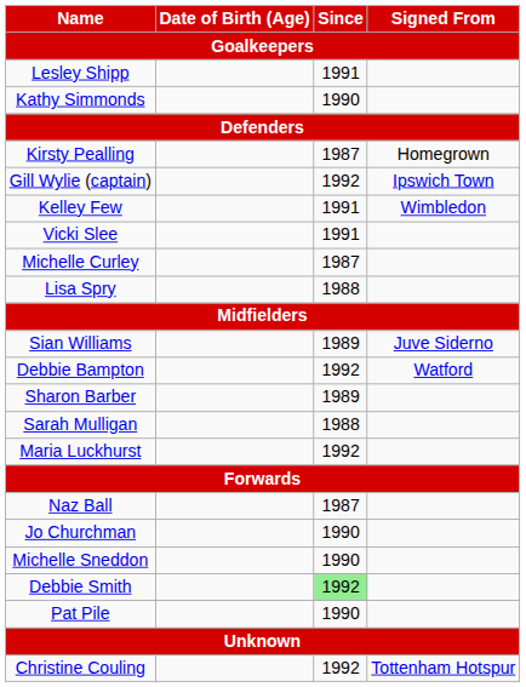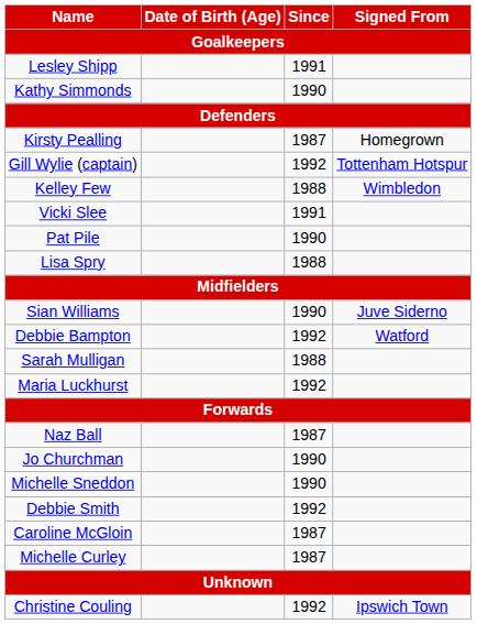 <table class="wikitable" style="text-align:center; font-size:100%; ">
 <tr>
 <th style="background:#d50000; color:white; text-align:center;">Name</th>
 <th style="background:#d50000; color:white; text-align:center;">Date of Birth (Age)</th>
 <th style="background:#d50000; color:white; text-align:center;">Since</th>
 <th style="background:#d50000; color:white; text-align:center;">Signed From</th>
 </tr>
 <tr>
 <th style="background:#d50000; color:white; text-align:center;" colspan="4">Goalkeepers</th>
 </tr>
 <tr>
 <td> <a href='#'>Lesley Shipp</a></td>
 <td></td>
 <td>1991</td>
 <td></td>
 </tr>
 <tr>
 <td><a href='#'>Kathy Simmonds</a></td>
 <td></td>
 <td>1990</td>
 <td></td>
 </tr>
 <tr>
 <th style="background:#d50000; color:white; text-align:center;" colspan="4">Defenders</th>
 </tr>
 <tr>
 <td> <a href='#'>Kirsty Pealling</a></td>
 <td></td>
 <td>1987</td>
 <td>Homegrown</td>
 </tr>
 <tr>
 <td><em></em> <a href='#'>Gill Wylie</a> (<a href='#'>captain</a>)</td>
 <td></td>
 <td>1992</td>
-<td><em></em> <a href='#'>Ipswich Town</a></td>
+<td> <a href='#'>Tottenham Hotspur</a></td>
 </tr>
 <tr>
 <td> <a href='#'>Kelley Few</a></td>
 <td></td>
-<td>1991</td>
+<td>1988</td>
 <td><em></em> <a href='#'>Wimbledon</a></td>
 </tr>
 <tr>
 <td> <a href='#'>Vicki Slee</a></td>
 <td></td>
 <td>1991</td>
 <td></td>
 </tr>
 <tr>
-<td> <a href='#'>Michelle Curley</a></td>
+<td><a href='#'>Pat Pile</a></td>
 <td></td>
-<td>1987</td>
+<td>1990</td>
 <td></td>
 </tr>
 <tr>
 <td> <a href='#'>Lisa Spry</a></td>
 <td></td>
 <td>1988</td>
 <td></td>
 </tr>
 <tr>
 <th style="background:#d50000; color:white; text-align:center;" colspan="4">Midfielders</th>
 </tr>
 <tr>
 <td> <a href='#'>Sian Williams</a></td>
 <td></td>
-<td>1989</td>
+<td>1990</td>
 <td> <a href='#'>Juve Siderno</a></td>
 </tr>
 <tr>
 <td> <a href='#'>Debbie Bampton</a></td>
 <td></td>
 <td>1992</td>
 <td> <a href='#'>Watford</a></td>
-</tr>
-<tr>
-<td> <a href='#'>Sharon Barber</a></td>
-<td></td>
-<td>1989</td>
-<td></td>
 </tr>
 <tr>
 <td> <a href='#'>Sarah Mulligan</a></td>
 <td></td>
 <td>1988</td>
 <td></td>
 </tr>
 <tr>
 <td><a href='#'>Maria Luckhurst</a></td>
 <td></td>
 <td>1992</td>
 <td></td>
 </tr>
 <tr>
 <th style="background:#d50000; color:white; text-align:center;" colspan="4">Forwards</th>
 </tr>
 <tr>
 <td> <a href='#'>Naz Ball</a></td>
 <td></td>
 <td>1987</td>
 <td></td>
 </tr>
 <tr>
 <td> <a href='#'>Jo Churchman</a></td>
 <td></td>
 <td>1990</td>
 <td></td>
 </tr>
 <tr>
 <td> <a href='#'>Michelle Sneddon</a></td>
 <td></td>
 <td>1990</td>
 <td></td>
 </tr>
 <tr>
 <td> <a href='#'>Debbie Smith</a></td>
 <td></td>
-<td style="background: lightgreen;">1992</td>
+<td>1992</td>
 <td></td>
 </tr>
 <tr>
-<td><a href='#'>Pat Pile</a></td>
+<td><a href='#'>Caroline McGloin</a></td>
 <td></td>
-<td>1990</td>
+<td>1987</td>
+<td></td>
+</tr>
+<tr>
+<td> <a href='#'>Michelle Curley</a></td>
+<td></td>
+<td>1987</td>
 <td></td>
 </tr>
 <tr>
 <th style="background:#d50000; color:white; text-align:center;" colspan="4">Unknown</th>
 </tr>
 <tr>
 <td><a href='#'>Christine Couling</a></td>
 <td></td>
 <td>1992</td>
-<td> <a href='#'>Tottenham Hotspur</a></td>
+<td><em></em> <a href='#'>Ipswich Town</a></td>
 </tr>
 </table>
